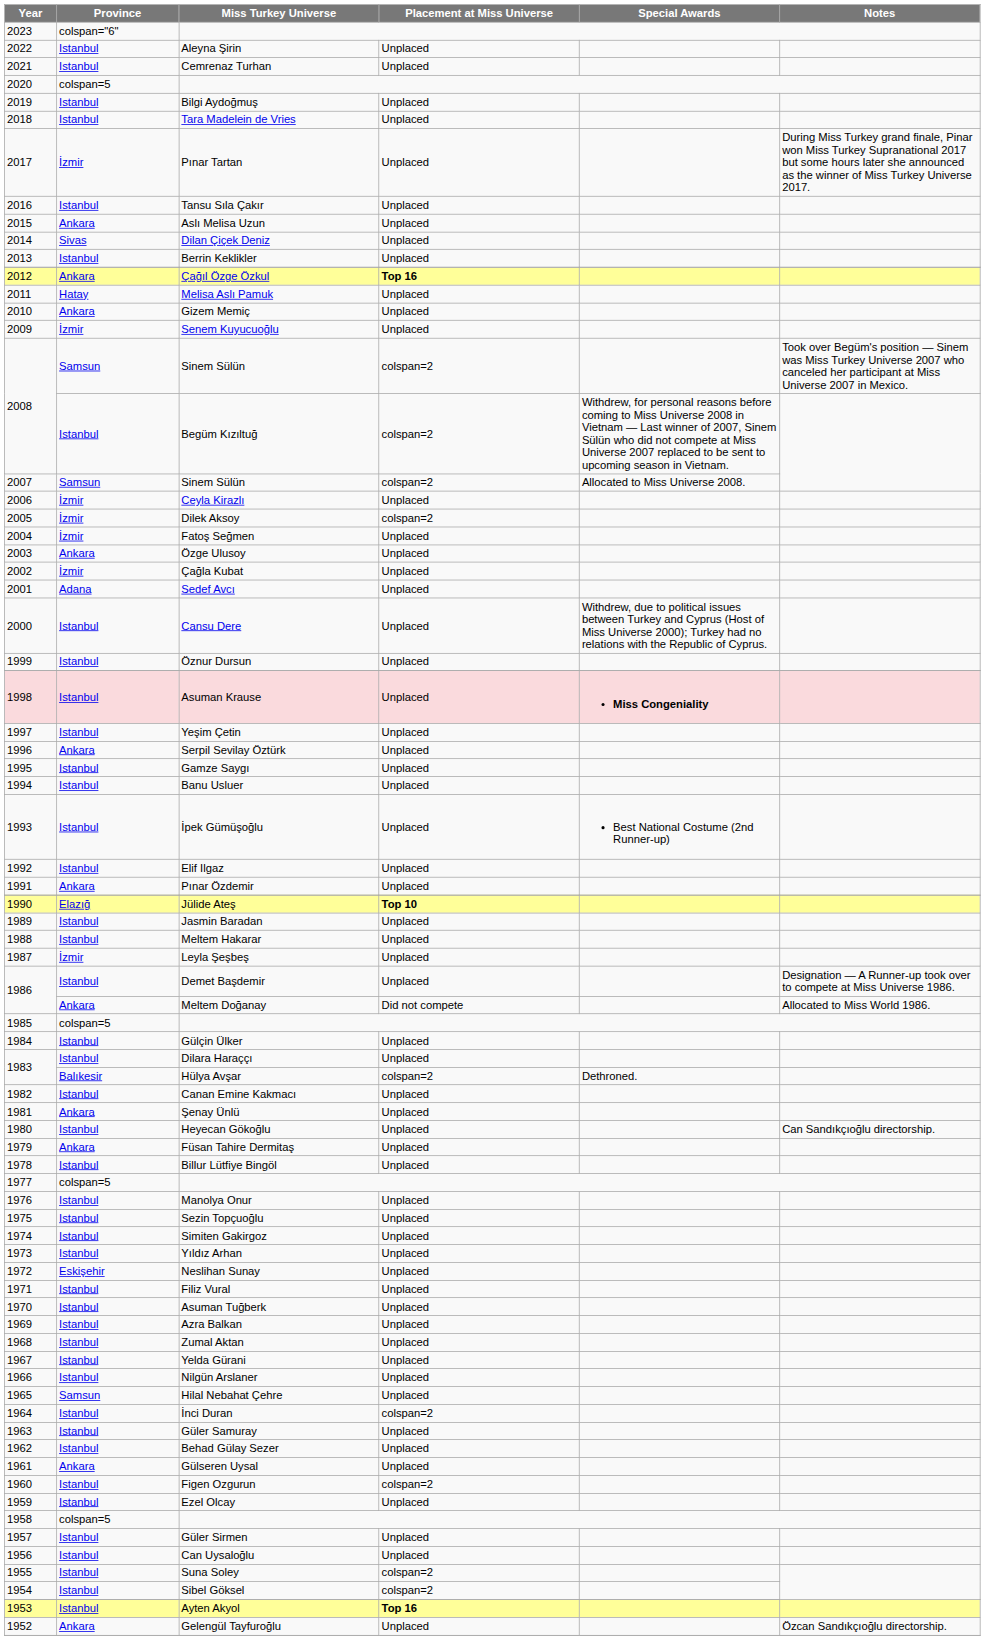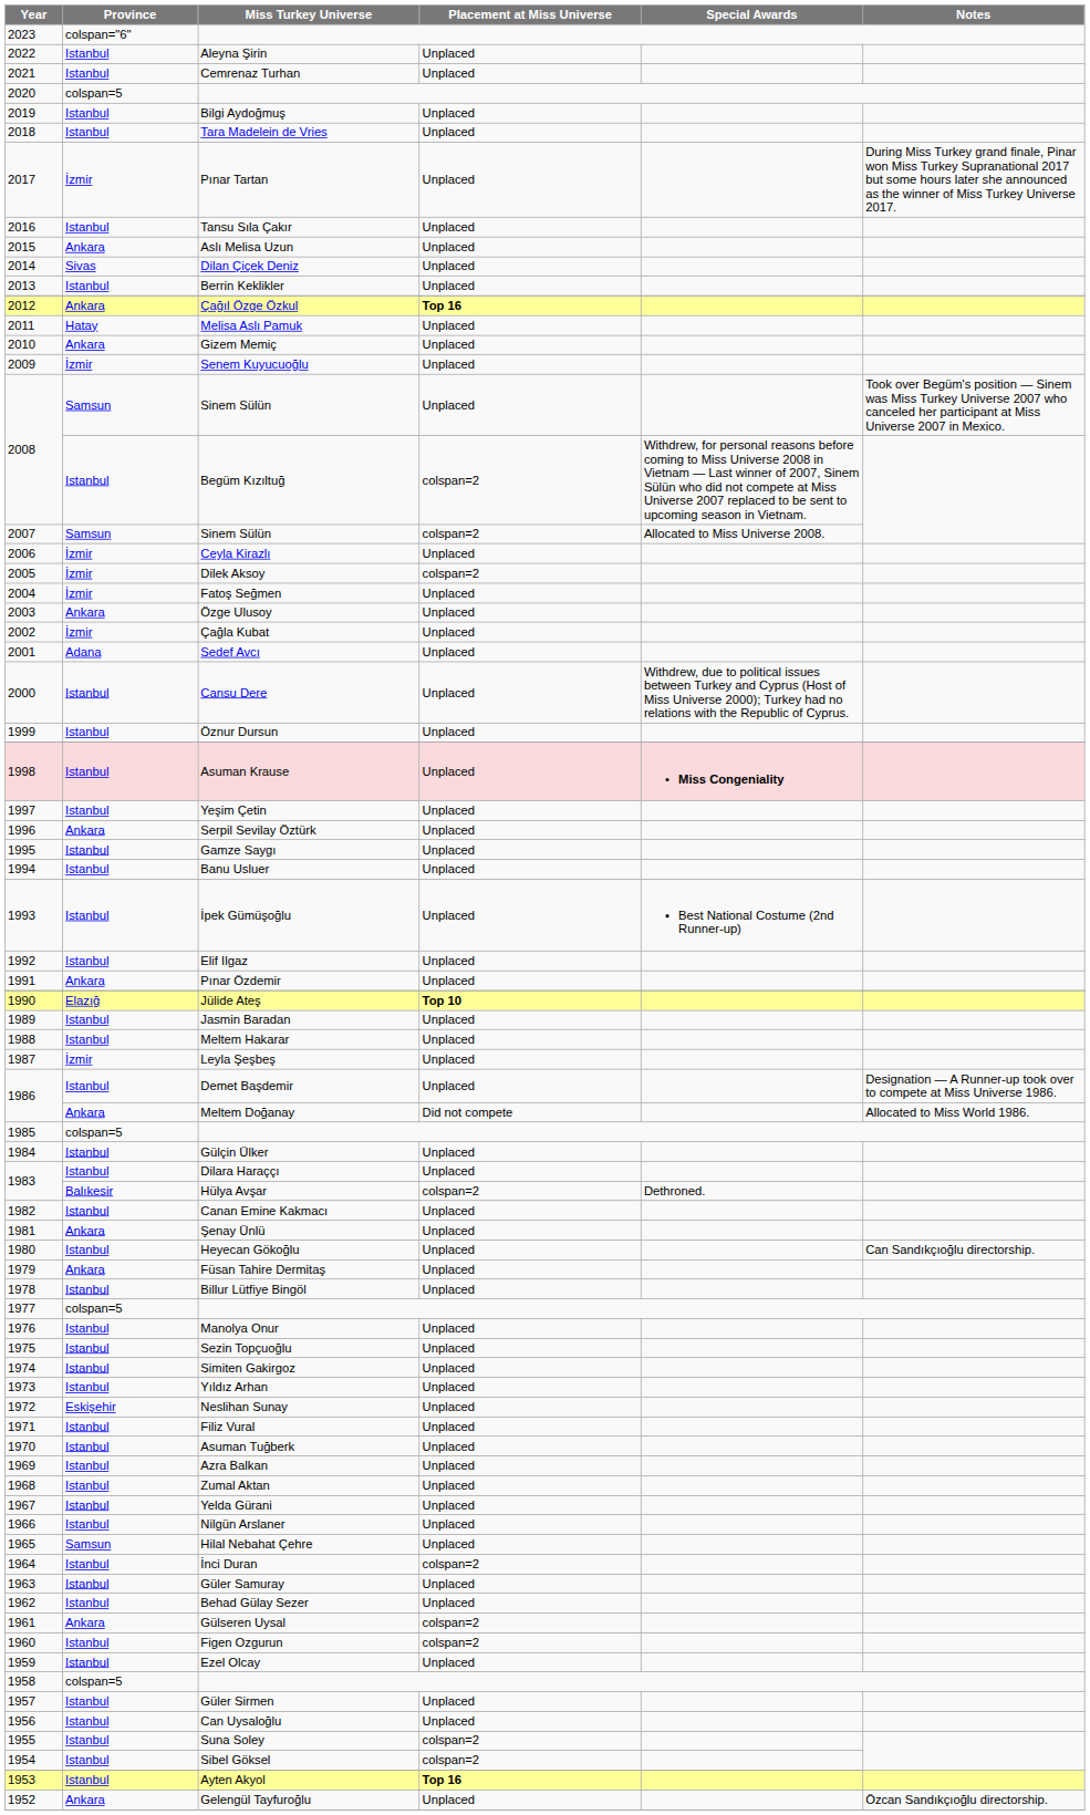 <table class="wikitable " style="font-size: 90%;">
 <tr>
 <th width="60" style="background-color:#787878;color:#FFFFFF;">Year</th>
 <th width="150" style="background-color:#787878;color:#FFFFFF;">Province</th>
 <th width="250" style="background-color:#787878;color:#FFFFFF;">Miss Turkey Universe</th>
 <th width="250" style="background-color:#787878;color:#FFFFFF;">Placement at Miss Universe</th>
 <th width="250" style="background-color:#787878;color:#FFFFFF;">Special Awards</th>
 <th width="250" style="background-color:#787878;color:#FFFFFF;">Notes</th>
 </tr>
 <tr>
 <td>2023</td>
 <td>colspan="6"</td>
 </tr>
 <tr>
 <td>2022</td>
 <td><a href='#'>Istanbul</a></td>
 <td>Aleyna Şirin</td>
 <td>Unplaced</td>
 <td></td>
 <td></td>
 </tr>
 <tr>
 <td>2021</td>
 <td><a href='#'>Istanbul</a></td>
 <td>Cemrenaz Turhan</td>
 <td>Unplaced</td>
 <td></td>
 <td></td>
 </tr>
 <tr>
 <td>2020</td>
 <td>colspan=5 </td>
 </tr>
 <tr>
 <td>2019</td>
 <td><a href='#'>Istanbul</a></td>
 <td>Bilgi Aydoğmuş</td>
 <td>Unplaced</td>
 <td></td>
 <td></td>
 </tr>
 <tr>
 <td>2018</td>
 <td><a href='#'>Istanbul</a></td>
 <td><a href='#'>Tara Madelein de Vries</a></td>
 <td>Unplaced</td>
 <td></td>
 <td></td>
 </tr>
 <tr>
 <td>2017</td>
 <td><a href='#'>İzmir</a></td>
 <td>Pınar Tartan</td>
 <td>Unplaced</td>
 <td></td>
 <td>During Miss Turkey grand finale, Pinar won Miss Turkey Supranational 2017 but some hours later she announced as the winner of Miss Turkey Universe 2017.</td>
 </tr>
 <tr>
 <td>2016</td>
 <td><a href='#'>Istanbul</a></td>
 <td>Tansu Sıla Çakır</td>
 <td>Unplaced</td>
 <td></td>
 <td></td>
 </tr>
 <tr>
 <td>2015</td>
 <td><a href='#'>Ankara</a></td>
 <td>Aslı Melisa Uzun</td>
 <td>Unplaced</td>
 <td></td>
 <td></td>
 </tr>
 <tr>
 <td>2014</td>
 <td><a href='#'>Sivas</a></td>
 <td><a href='#'>Dilan Çiçek Deniz</a></td>
 <td>Unplaced</td>
 <td></td>
 <td></td>
 </tr>
 <tr>
 <td>2013</td>
 <td><a href='#'>Istanbul</a></td>
 <td>Berrin Keklikler</td>
 <td>Unplaced</td>
 <td></td>
 <td></td>
 </tr>
 <tr>
 </tr>
 <tr style="background-color:#FFFF99;">
 <td>2012</td>
 <td><a href='#'>Ankara</a></td>
 <td><a href='#'>Çağıl Özge Özkul</a></td>
 <td><strong>Top 16</strong></td>
 <td></td>
 <td></td>
 </tr>
 <tr>
 <td>2011</td>
 <td><a href='#'>Hatay</a></td>
 <td><a href='#'>Melisa Aslı Pamuk</a></td>
 <td>Unplaced</td>
 <td></td>
 <td></td>
 </tr>
 <tr>
 <td>2010</td>
 <td><a href='#'>Ankara</a></td>
 <td>Gizem Memiç</td>
 <td>Unplaced</td>
 <td></td>
 <td></td>
 </tr>
 <tr>
 <td>2009</td>
 <td><a href='#'>İzmir</a></td>
 <td><a href='#'>Senem Kuyucuoğlu</a></td>
 <td>Unplaced</td>
 <td></td>
 <td></td>
 </tr>
 <tr>
 <td rowspan=2>2008</td>
 <td><a href='#'>Samsun</a></td>
 <td>Sinem Sülün</td>
-<td>colspan=2 </td>
+<td>Unplaced</td>
 <td></td>
 <td>Took over Begüm's position — Sinem was Miss Turkey Universe 2007 who canceled her participant at Miss Universe 2007 in Mexico.</td>
 </tr>
 <tr>
 <td><a href='#'>Istanbul</a></td>
 <td>Begüm Kızıltuğ</td>
 <td>colspan=2 </td>
 <td>Withdrew, for personal reasons before coming to Miss Universe 2008 in Vietnam — Last winner of 2007, Sinem Sülün who did not compete at Miss Universe 2007 replaced to be sent to upcoming season in Vietnam.</td>
 </tr>
 <tr>
 <td>2007</td>
 <td><a href='#'>Samsun</a></td>
 <td>Sinem Sülün</td>
 <td>colspan=2 </td>
 <td>Allocated to Miss Universe 2008.</td>
 </tr>
 <tr>
 <td>2006</td>
 <td><a href='#'>İzmir</a></td>
 <td><a href='#'>Ceyla Kirazlı</a></td>
 <td>Unplaced</td>
 <td></td>
 <td></td>
 </tr>
 <tr>
 <td>2005</td>
 <td><a href='#'>İzmir</a></td>
 <td>Dilek Aksoy</td>
 <td>colspan=2 </td>
 <td></td>
 <td></td>
 </tr>
 <tr>
 <td>2004</td>
 <td><a href='#'>İzmir</a></td>
 <td>Fatoş Seğmen</td>
 <td>Unplaced</td>
 <td></td>
 <td></td>
 </tr>
 <tr>
 <td>2003</td>
 <td><a href='#'>Ankara</a></td>
 <td>Özge Ulusoy</td>
 <td>Unplaced</td>
 <td></td>
 <td></td>
 </tr>
 <tr>
 <td>2002</td>
 <td><a href='#'>İzmir</a></td>
 <td>Çağla Kubat</td>
 <td>Unplaced</td>
 <td></td>
 <td></td>
 </tr>
 <tr>
 <td>2001</td>
 <td><a href='#'>Adana</a></td>
 <td><a href='#'>Sedef Avcı</a></td>
 <td>Unplaced</td>
 <td></td>
 <td></td>
 </tr>
 <tr>
 <td>2000</td>
 <td><a href='#'>Istanbul</a></td>
 <td><a href='#'>Cansu Dere</a></td>
 <td>Unplaced</td>
 <td>Withdrew, due to political issues between Turkey and Cyprus (Host of Miss Universe 2000); Turkey had no relations with the Republic of Cyprus.</td>
 </tr>
 <tr>
 <td>1999</td>
 <td><a href='#'>Istanbul</a></td>
 <td>Öznur Dursun</td>
 <td>Unplaced</td>
 <td></td>
 <td></td>
 </tr>
 <tr>
 </tr>
 <tr style="background-color:#FADADD;">
 <td>1998</td>
 <td><a href='#'>Istanbul</a></td>
 <td>Asuman Krause</td>
 <td>Unplaced</td>
 <td align="left"><br><ul><li><strong>Miss Congeniality</strong></li></ul></td>
 <td></td>
 </tr>
 <tr>
 <td>1997</td>
 <td><a href='#'>Istanbul</a></td>
 <td>Yeşim Çetin</td>
 <td>Unplaced</td>
 <td></td>
 <td></td>
 </tr>
 <tr>
 <td>1996</td>
 <td><a href='#'>Ankara</a></td>
 <td>Serpil Sevilay Öztürk</td>
 <td>Unplaced</td>
 <td></td>
 <td></td>
 </tr>
 <tr>
 <td>1995</td>
 <td><a href='#'>Istanbul</a></td>
 <td>Gamze Saygı</td>
 <td>Unplaced</td>
 <td></td>
 <td></td>
 </tr>
 <tr>
 <td>1994</td>
 <td><a href='#'>Istanbul</a></td>
 <td>Banu Usluer</td>
 <td>Unplaced</td>
 <td></td>
 <td></td>
 </tr>
 <tr>
 <td>1993</td>
 <td><a href='#'>Istanbul</a></td>
 <td>İpek Gümüşoğlu</td>
 <td>Unplaced</td>
 <td align="left"><br><ul><li>Best National Costume (2nd Runner-up)</li></ul></td>
 <td></td>
 </tr>
 <tr>
 <td>1992</td>
 <td><a href='#'>Istanbul</a></td>
 <td>Elif Ilgaz</td>
 <td>Unplaced</td>
 <td></td>
 <td></td>
 </tr>
 <tr>
 <td>1991</td>
 <td><a href='#'>Ankara</a></td>
 <td>Pınar Özdemir</td>
 <td>Unplaced</td>
 <td></td>
 <td></td>
 </tr>
 <tr>
 </tr>
 <tr style="background-color:#FFFF99">
 <td>1990</td>
 <td><a href='#'>Elazığ</a></td>
 <td>Jülide Ateş</td>
 <td><strong>Top 10</strong></td>
 <td></td>
 <td></td>
 </tr>
 <tr>
 <td>1989</td>
 <td><a href='#'>Istanbul</a></td>
 <td>Jasmin Baradan</td>
 <td>Unplaced</td>
 <td></td>
 <td></td>
 </tr>
 <tr>
 <td>1988</td>
 <td><a href='#'>Istanbul</a></td>
 <td>Meltem Hakarar</td>
 <td>Unplaced</td>
 <td></td>
 <td></td>
 </tr>
 <tr>
 <td>1987</td>
 <td><a href='#'>İzmir</a></td>
 <td>Leyla Şeşbeş</td>
 <td>Unplaced</td>
 <td></td>
 <td></td>
 </tr>
 <tr>
 <td rowspan=2>1986</td>
 <td><a href='#'>Istanbul</a></td>
 <td>Demet Başdemir</td>
 <td>Unplaced</td>
 <td></td>
 <td>Designation — A Runner-up took over to compete at Miss Universe 1986.</td>
 </tr>
 <tr>
 <td><a href='#'>Ankara</a></td>
 <td>Meltem Doğanay</td>
 <td>Did not compete</td>
 <td></td>
 <td>Allocated to Miss World 1986.</td>
 </tr>
 <tr>
 <td>1985</td>
 <td>colspan=5 </td>
 </tr>
 <tr>
 <td>1984</td>
 <td><a href='#'>Istanbul</a></td>
 <td>Gülçin Ülker</td>
 <td>Unplaced</td>
 <td></td>
 <td></td>
 </tr>
 <tr>
 <td rowspan=2>1983</td>
 <td><a href='#'>Istanbul</a></td>
 <td>Dilara Haraççı</td>
 <td>Unplaced</td>
 <td></td>
 <td></td>
 </tr>
 <tr>
 <td><a href='#'>Balıkesir</a></td>
 <td>Hülya Avşar</td>
 <td>colspan=2 </td>
 <td>Dethroned.</td>
 </tr>
 <tr>
 <td>1982</td>
 <td><a href='#'>Istanbul</a></td>
 <td>Canan Emine Kakmacı</td>
 <td>Unplaced</td>
 <td></td>
 <td></td>
 </tr>
 <tr>
 <td>1981</td>
 <td><a href='#'>Ankara</a></td>
 <td>Şenay Ünlü</td>
 <td>Unplaced</td>
 <td></td>
 <td></td>
 </tr>
 <tr>
 <td>1980</td>
 <td><a href='#'>Istanbul</a></td>
 <td>Heyecan Gökoğlu</td>
 <td>Unplaced</td>
 <td></td>
 <td>Can Sandıkçıoğlu directorship.</td>
 </tr>
 <tr>
 <td>1979</td>
 <td><a href='#'>Ankara</a></td>
 <td>Füsan Tahire Dermitaş</td>
 <td>Unplaced</td>
 <td></td>
 <td></td>
 </tr>
 <tr>
 <td>1978</td>
 <td><a href='#'>Istanbul</a></td>
 <td>Billur Lütfiye Bingöl</td>
 <td>Unplaced</td>
 <td></td>
 <td></td>
 </tr>
 <tr>
 <td>1977</td>
 <td>colspan=5 </td>
 </tr>
 <tr>
 <td>1976</td>
 <td><a href='#'>Istanbul</a></td>
 <td>Manolya Onur</td>
 <td>Unplaced</td>
 <td></td>
 <td></td>
 </tr>
 <tr>
 <td>1975</td>
 <td><a href='#'>Istanbul</a></td>
 <td>Sezin Topçuoğlu</td>
 <td>Unplaced</td>
 <td></td>
 <td></td>
 </tr>
 <tr>
 <td>1974</td>
 <td><a href='#'>Istanbul</a></td>
 <td>Simiten Gakirgoz</td>
 <td>Unplaced</td>
 <td></td>
 <td></td>
 </tr>
 <tr>
 <td>1973</td>
 <td><a href='#'>Istanbul</a></td>
 <td>Yıldız Arhan</td>
 <td>Unplaced</td>
 <td></td>
 <td></td>
 </tr>
 <tr>
 <td>1972</td>
 <td><a href='#'>Eskişehir</a></td>
 <td>Neslihan Sunay</td>
 <td>Unplaced</td>
 <td></td>
 <td></td>
 </tr>
 <tr>
 <td>1971</td>
 <td><a href='#'>Istanbul</a></td>
 <td>Filiz Vural</td>
 <td>Unplaced</td>
 <td></td>
 <td></td>
 </tr>
 <tr>
 <td>1970</td>
 <td><a href='#'>Istanbul</a></td>
 <td>Asuman Tuğberk</td>
 <td>Unplaced</td>
 <td></td>
 <td></td>
 </tr>
 <tr>
 <td>1969</td>
 <td><a href='#'>Istanbul</a></td>
 <td>Azra Balkan</td>
 <td>Unplaced</td>
 <td></td>
 <td></td>
 </tr>
 <tr>
 <td>1968</td>
 <td><a href='#'>Istanbul</a></td>
 <td>Zumal Aktan</td>
 <td>Unplaced</td>
 <td></td>
 <td></td>
 </tr>
 <tr>
 <td>1967</td>
 <td><a href='#'>Istanbul</a></td>
 <td>Yelda Gürani</td>
 <td>Unplaced</td>
 <td></td>
 <td></td>
 </tr>
 <tr>
 <td>1966</td>
 <td><a href='#'>Istanbul</a></td>
 <td>Nilgün Arslaner</td>
 <td>Unplaced</td>
 <td></td>
 <td></td>
 </tr>
 <tr>
 <td>1965</td>
 <td><a href='#'>Samsun</a></td>
 <td>Hilal Nebahat Çehre</td>
 <td>Unplaced</td>
 <td></td>
 <td></td>
 </tr>
 <tr>
 <td>1964</td>
 <td><a href='#'>Istanbul</a></td>
 <td>İnci Duran</td>
 <td>colspan=2 </td>
 <td></td>
 <td></td>
 </tr>
 <tr>
 <td>1963</td>
 <td><a href='#'>Istanbul</a></td>
 <td>Güler Samuray</td>
 <td>Unplaced</td>
 <td></td>
 <td></td>
 </tr>
 <tr>
 <td>1962</td>
 <td><a href='#'>Istanbul</a></td>
 <td>Behad Gülay Sezer</td>
 <td>Unplaced</td>
 <td></td>
 <td></td>
 </tr>
 <tr>
 <td>1961</td>
 <td><a href='#'>Ankara</a></td>
 <td>Gülseren Uysal</td>
-<td>Unplaced</td>
+<td>colspan=2 </td>
 <td></td>
 <td></td>
 </tr>
 <tr>
 <td>1960</td>
 <td><a href='#'>Istanbul</a></td>
 <td>Figen Ozgurun</td>
 <td>colspan=2 </td>
 <td></td>
 </tr>
 <tr>
 <td>1959</td>
 <td><a href='#'>Istanbul</a></td>
 <td>Ezel Olcay</td>
 <td>Unplaced</td>
 <td></td>
 <td></td>
 </tr>
 <tr>
 <td>1958</td>
 <td>colspan=5 </td>
 </tr>
 <tr>
 <td>1957</td>
 <td><a href='#'>Istanbul</a></td>
 <td>Güler Sirmen</td>
 <td>Unplaced</td>
 <td></td>
 <td></td>
 </tr>
 <tr>
 <td>1956</td>
 <td><a href='#'>Istanbul</a></td>
 <td>Can Uysaloğlu</td>
 <td>Unplaced</td>
 <td></td>
 <td></td>
 </tr>
 <tr>
 <td>1955</td>
 <td><a href='#'>Istanbul</a></td>
 <td>Suna Soley</td>
 <td>colspan=2 </td>
 <td></td>
 </tr>
 <tr>
 <td>1954</td>
 <td><a href='#'>Istanbul</a></td>
 <td>Sibel Göksel</td>
 <td>colspan=2 </td>
 <td></td>
 </tr>
 <tr>
 </tr>
 <tr style="background-color:#FFFF99;">
 <td>1953</td>
 <td><a href='#'>Istanbul</a></td>
 <td>Ayten Akyol</td>
 <td><strong>Top 16</strong></td>
 <td></td>
 <td></td>
 </tr>
 <tr>
 <td>1952</td>
 <td><a href='#'>Ankara</a></td>
 <td>Gelengül Tayfuroğlu</td>
 <td>Unplaced</td>
 <td></td>
 <td>Özcan Sandıkçıoğlu directorship.</td>
 </tr>
 <tr>
 </tr>
 </table>
